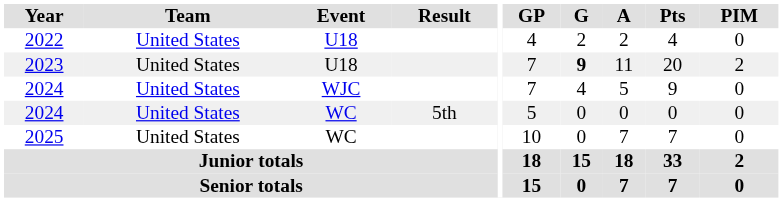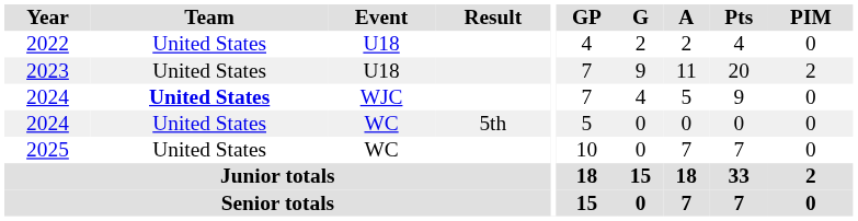 <table border="0" cellpadding="1" cellspacing="0" ID="Table3" style="text-align:center; width:40em;">
 <tr bgcolor="#e0e0e0">
 <th>Year</th>
 <th>Team</th>
 <th>Event</th>
 <th>Result</th>
 <th rowspan="99" bgcolor="#ffffff"></th>
 <th>GP</th>
 <th>G</th>
 <th>A</th>
 <th>Pts</th>
 <th>PIM</th>
 </tr>
 <tr>
 <td><a href='#'>2022</a></td>
 <td><a href='#'>United States</a></td>
 <td><a href='#'>U18</a></td>
 <td></td>
 <td>4</td>
 <td>2</td>
 <td>2</td>
 <td>4</td>
 <td>0</td>
 </tr>
 <tr bgcolor="#f0f0f0">
 <td><a href='#'>2023</a></td>
 <td>United States</td>
 <td>U18</td>
 <td></td>
 <td>7</td>
-<td><strong>9</strong></td>
+<td>9</td>
 <td>11</td>
 <td>20</td>
 <td>2</td>
 </tr>
 <tr>
 <td><a href='#'>2024</a></td>
-<td><a href='#'>United States</a></td>
+<td><strong><a href='#'>United States</a></strong></td>
 <td><a href='#'>WJC</a></td>
 <td></td>
 <td>7</td>
 <td>4</td>
 <td>5</td>
 <td>9</td>
 <td>0</td>
 </tr>
 <tr bgcolor="#f0f0f0">
 <td><a href='#'>2024</a></td>
 <td><a href='#'>United States</a></td>
 <td><a href='#'>WC</a></td>
 <td>5th</td>
 <td>5</td>
 <td>0</td>
 <td>0</td>
 <td>0</td>
 <td>0</td>
 </tr>
 <tr>
 <td><a href='#'>2025</a></td>
 <td>United States</td>
 <td>WC</td>
 <td></td>
 <td>10</td>
 <td>0</td>
 <td>7</td>
 <td>7</td>
 <td>0</td>
 </tr>
 <tr bgcolor="#e0e0e0">
 <th colspan="4">Junior totals</th>
 <th>18</th>
 <th>15</th>
 <th>18</th>
 <th>33</th>
 <th>2</th>
 </tr>
 <tr bgcolor="#e0e0e0">
 <th colspan="4">Senior totals</th>
 <th>15</th>
 <th>0</th>
 <th>7</th>
 <th>7</th>
 <th>0</th>
 </tr>
 </table>
